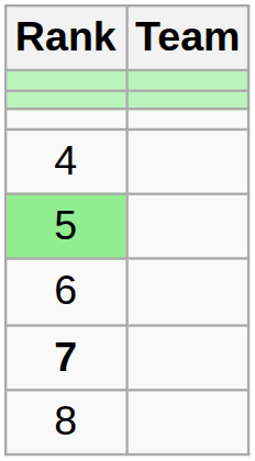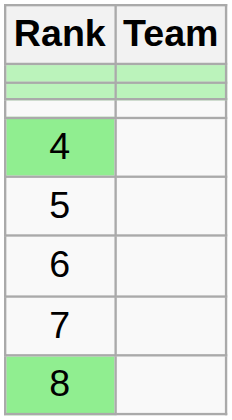 <table class=wikitable style="text-align:center;">
 <tr>
 <th>Rank</th>
 <th>Team</th>
 </tr>
 <tr bgcolor=bbf3bb>
 <td></td>
 <td align=left></td>
 </tr>
 <tr bgcolor=bbf3bb>
 <td></td>
 <td align=left></td>
 </tr>
 <tr>
 <td></td>
 <td align=left></td>
 </tr>
 <tr>
-<td>4</td>
+<td style="background: lightgreen;">4</td>
 <td align=left></td>
 </tr>
 <tr>
-<td style="background: lightgreen;">5</td>
+<td>5</td>
 <td align=left></td>
 </tr>
 <tr>
 <td>6</td>
 <td align=left></td>
 </tr>
 <tr>
-<td><strong>7</strong></td>
+<td>7</td>
 <td align=left></td>
 </tr>
 <tr>
-<td>8</td>
+<td style="background: lightgreen;">8</td>
 <td align=left></td>
 </tr>
 </table>
